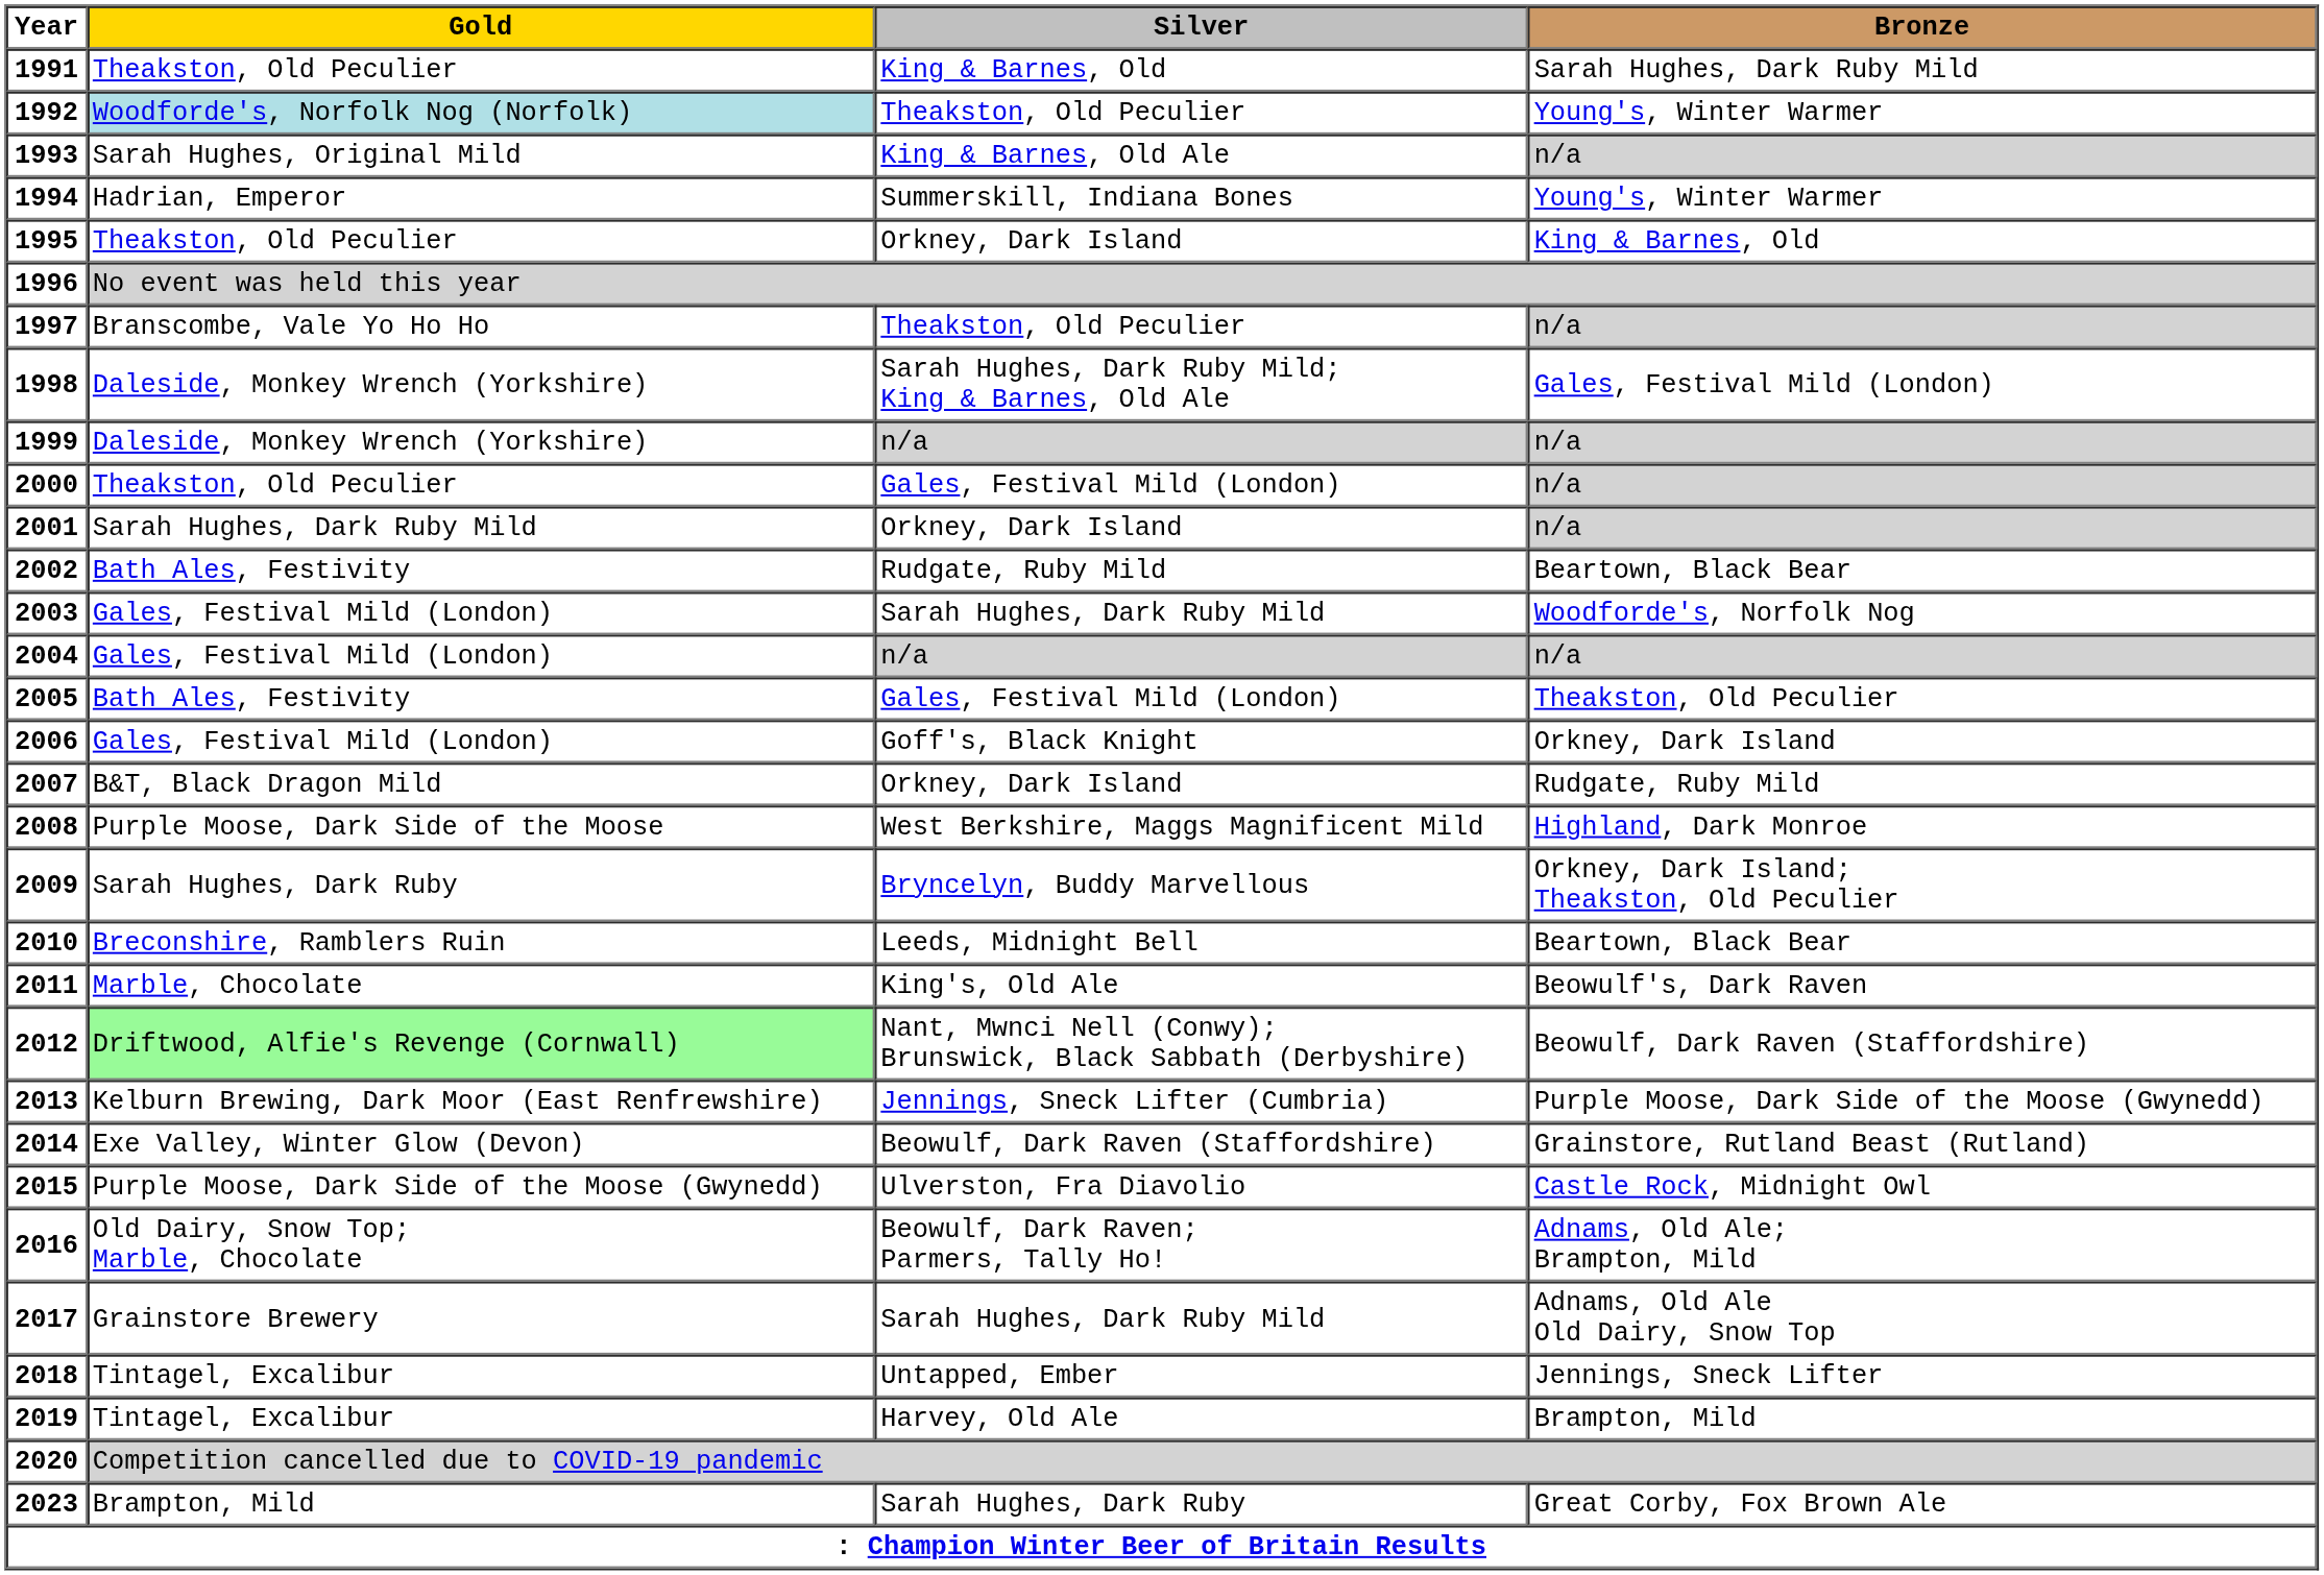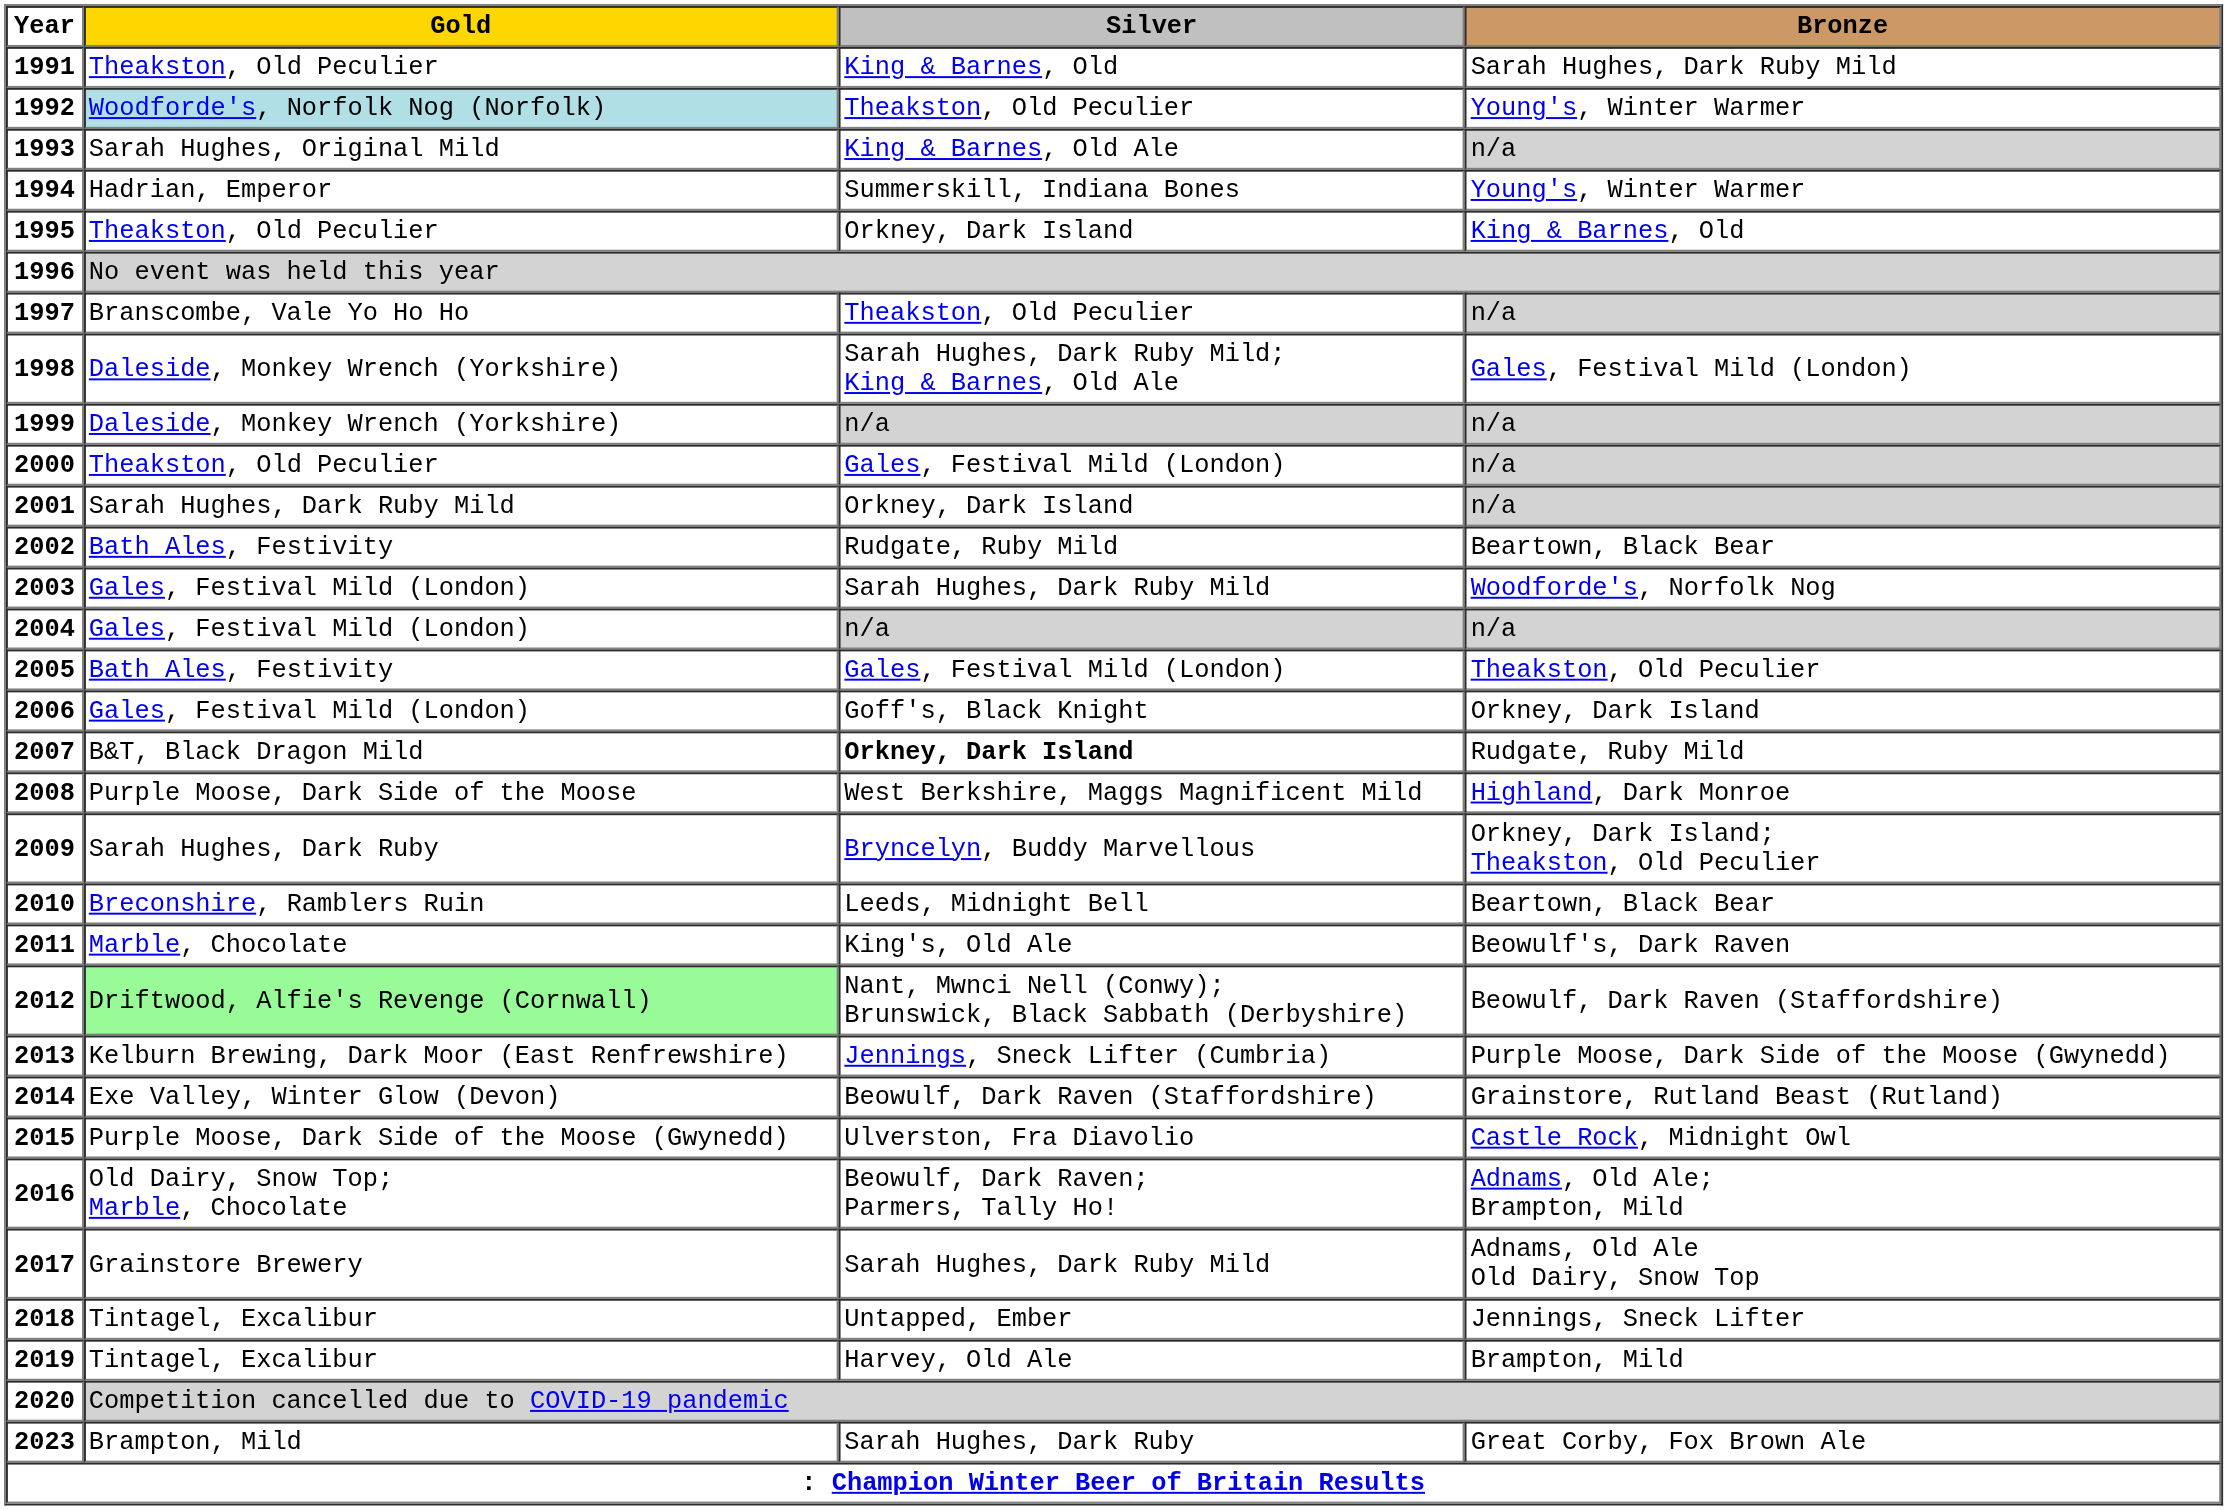 <table | width=90% border=1 cellpadding=2 cellspacing=0>
 <tr>
 <th>Year</th>
 <th style="background:gold;"><strong>Gold</strong></th>
 <th style="background:silver;"><strong>Silver</strong></th>
 <th style="background:#c96;"><strong>Bronze</strong></th>
 </tr>
 <tr>
 <th>1991</th>
 <td><a href='#'>Theakston</a>, Old Peculier</td>
 <td><a href='#'>King & Barnes</a>, Old</td>
 <td>Sarah Hughes, Dark Ruby Mild</td>
 </tr>
 <tr>
 <th>1992</th>
 <td style="background:powderblue;"><a href='#'>Woodforde's</a>, Norfolk Nog (Norfolk)</td>
 <td><a href='#'>Theakston</a>, Old Peculier</td>
 <td><a href='#'>Young's</a>, Winter Warmer</td>
 </tr>
 <tr>
 <th>1993</th>
 <td>Sarah Hughes, Original Mild</td>
 <td><a href='#'>King & Barnes</a>, Old Ale</td>
 <td style="background:lightgray;">n/a</td>
 </tr>
 <tr>
 <th>1994</th>
 <td>Hadrian, Emperor</td>
 <td>Summerskill, Indiana Bones</td>
 <td><a href='#'>Young's</a>, Winter Warmer</td>
 </tr>
 <tr>
 <th>1995</th>
 <td><a href='#'>Theakston</a>, Old Peculier</td>
 <td>Orkney, Dark Island</td>
 <td><a href='#'>King & Barnes</a>, Old</td>
 </tr>
 <tr>
 <th>1996</th>
 <td style="background:lightgray;" colspan="3">No event was held this year</td>
 </tr>
 <tr>
 <th>1997</th>
 <td>Branscombe, Vale Yo Ho Ho</td>
 <td><a href='#'>Theakston</a>, Old Peculier</td>
 <td style="background:lightgray;">n/a</td>
 </tr>
 <tr>
 <th>1998</th>
 <td><a href='#'>Daleside</a>, Monkey Wrench (Yorkshire)</td>
 <td>Sarah Hughes, Dark Ruby Mild;<br> <a href='#'>King & Barnes</a>, Old Ale</td>
 <td><a href='#'>Gales</a>, Festival Mild (London)</td>
 </tr>
 <tr>
 <th>1999</th>
 <td><a href='#'>Daleside</a>, Monkey Wrench (Yorkshire)</td>
 <td style="background:lightgray;">n/a</td>
 <td style="background:lightgray;">n/a</td>
 </tr>
 <tr>
 <th>2000</th>
 <td><a href='#'>Theakston</a>, Old Peculier</td>
 <td><a href='#'>Gales</a>, Festival Mild (London)</td>
 <td style="background:lightgray;">n/a</td>
 </tr>
 <tr>
 <th>2001</th>
 <td>Sarah Hughes, Dark Ruby Mild</td>
 <td>Orkney, Dark Island</td>
 <td style="background:lightgray;">n/a</td>
 </tr>
 <tr>
 <th>2002</th>
 <td><a href='#'>Bath Ales</a>, Festivity</td>
 <td>Rudgate, Ruby Mild</td>
 <td>Beartown, Black Bear</td>
 </tr>
 <tr>
 <th>2003</th>
 <td><a href='#'>Gales</a>, Festival Mild (London)</td>
 <td>Sarah Hughes, Dark Ruby Mild</td>
 <td><a href='#'>Woodforde's</a>, Norfolk Nog</td>
 </tr>
 <tr>
 <th>2004</th>
 <td><a href='#'>Gales</a>, Festival Mild (London)</td>
 <td style="background:lightgray;">n/a</td>
 <td style="background:lightgray;">n/a</td>
 </tr>
 <tr>
 <th>2005</th>
 <td><a href='#'>Bath Ales</a>, Festivity</td>
 <td><a href='#'>Gales</a>, Festival Mild (London)</td>
 <td><a href='#'>Theakston</a>, Old Peculier</td>
 </tr>
 <tr>
 <th>2006</th>
 <td><a href='#'>Gales</a>, Festival Mild (London)</td>
 <td>Goff's, Black Knight</td>
 <td>Orkney, Dark Island</td>
 </tr>
 <tr>
 <th>2007</th>
 <td>B&T, Black Dragon Mild</td>
-<td>Orkney, Dark Island</td>
+<td><strong>Orkney, Dark Island</strong></td>
 <td>Rudgate, Ruby Mild</td>
 </tr>
 <tr>
 <th>2008</th>
 <td>Purple Moose, Dark Side of the Moose</td>
 <td>West Berkshire, Maggs Magnificent Mild</td>
 <td><a href='#'>Highland</a>, Dark Monroe</td>
 </tr>
 <tr>
 <th>2009</th>
 <td>Sarah Hughes, Dark Ruby</td>
 <td><a href='#'>Bryncelyn</a>, Buddy Marvellous</td>
 <td>Orkney, Dark Island;<br> <a href='#'>Theakston</a>, Old Peculier</td>
 </tr>
 <tr>
 <th>2010</th>
 <td><a href='#'>Breconshire</a>, Ramblers Ruin</td>
 <td>Leeds, Midnight Bell</td>
 <td>Beartown, Black Bear</td>
 </tr>
 <tr>
 <th>2011</th>
 <td><a href='#'>Marble</a>, Chocolate</td>
 <td>King's, Old Ale</td>
 <td>Beowulf's, Dark Raven</td>
 </tr>
 <tr>
 <th>2012</th>
 <td style="background:palegreen;">Driftwood, Alfie's Revenge (Cornwall)</td>
 <td>Nant, Mwnci Nell (Conwy);<br> Brunswick, Black Sabbath (Derbyshire)</td>
 <td>Beowulf, Dark Raven (Staffordshire)</td>
 </tr>
 <tr>
 <th>2013</th>
 <td>Kelburn Brewing, Dark Moor (East Renfrewshire)</td>
 <td><a href='#'>Jennings</a>, Sneck Lifter (Cumbria)</td>
 <td>Purple Moose, Dark Side of the Moose (Gwynedd)</td>
 </tr>
 <tr>
 <th>2014</th>
 <td>Exe Valley, Winter Glow (Devon)</td>
 <td>Beowulf, Dark Raven (Staffordshire)</td>
 <td>Grainstore, Rutland Beast (Rutland)</td>
 </tr>
 <tr>
 <th>2015</th>
 <td>Purple Moose, Dark Side of the Moose (Gwynedd)</td>
 <td>Ulverston, Fra Diavolio</td>
 <td><a href='#'>Castle Rock</a>, Midnight Owl</td>
 </tr>
 <tr>
 <th>2016</th>
 <td>Old Dairy, Snow Top;<br> <span><a href='#'>Marble</a>, Chocolate</span></td>
 <td>Beowulf, Dark Raven;<br> Parmers, Tally Ho!</td>
 <td><a href='#'>Adnams</a>, Old Ale;<br> Brampton, Mild</td>
 </tr>
 <tr>
 <th>2017</th>
 <td>Grainstore Brewery</td>
 <td>Sarah Hughes, Dark Ruby Mild</td>
 <td>Adnams, Old Ale<br>Old Dairy, Snow Top</td>
 </tr>
 <tr>
 <th>2018</th>
 <td>Tintagel, Excalibur</td>
 <td>Untapped, Ember</td>
 <td>Jennings, Sneck Lifter</td>
 </tr>
 <tr>
 <th>2019</th>
 <td>Tintagel, Excalibur </td>
 <td>Harvey, Old Ale</td>
 <td>Brampton, Mild</td>
 </tr>
 <tr>
 <th>2020</th>
 <td style="background:lightgray;" colspan="3">Competition cancelled due to <a href='#'>COVID-19 pandemic</a></td>
 </tr>
 <tr>
 <th>2023</th>
 <td>Brampton, Mild </td>
 <td>Sarah Hughes, Dark Ruby</td>
 <td>Great Corby, Fox Brown Ale</td>
 </tr>
 <tr>
 <th colspan="4">: <a href='#'>Champion Winter Beer of Britain Results</a></th>
 </tr>
 </table>
